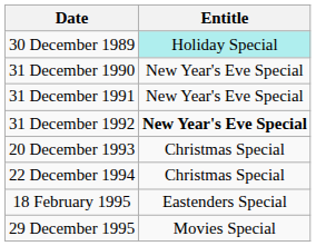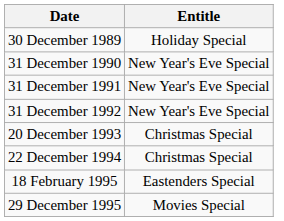 <table class="wikitable" style="text-align:center;">
 <tr>
 <th>Date</th>
 <th>Entitle</th>
 </tr>
 <tr>
 <td>30 December 1989</td>
-<td style="background: paleturquoise;">Holiday Special</td>
+<td>Holiday Special</td>
 </tr>
 <tr>
 <td>31 December 1990</td>
 <td>New Year's Eve Special</td>
 </tr>
 <tr>
 <td>31 December 1991</td>
 <td>New Year's Eve Special</td>
 </tr>
 <tr>
 <td>31 December 1992</td>
-<td><strong>New Year's Eve Special</strong></td>
+<td>New Year's Eve Special</td>
 </tr>
 <tr>
 <td>20 December 1993</td>
 <td>Christmas Special</td>
 </tr>
 <tr>
 <td>22 December 1994</td>
 <td>Christmas Special</td>
 </tr>
 <tr>
 <td>18 February 1995</td>
 <td>Eastenders Special</td>
 </tr>
 <tr>
 <td>29 December 1995</td>
 <td>Movies Special</td>
 </tr>
 </table>
